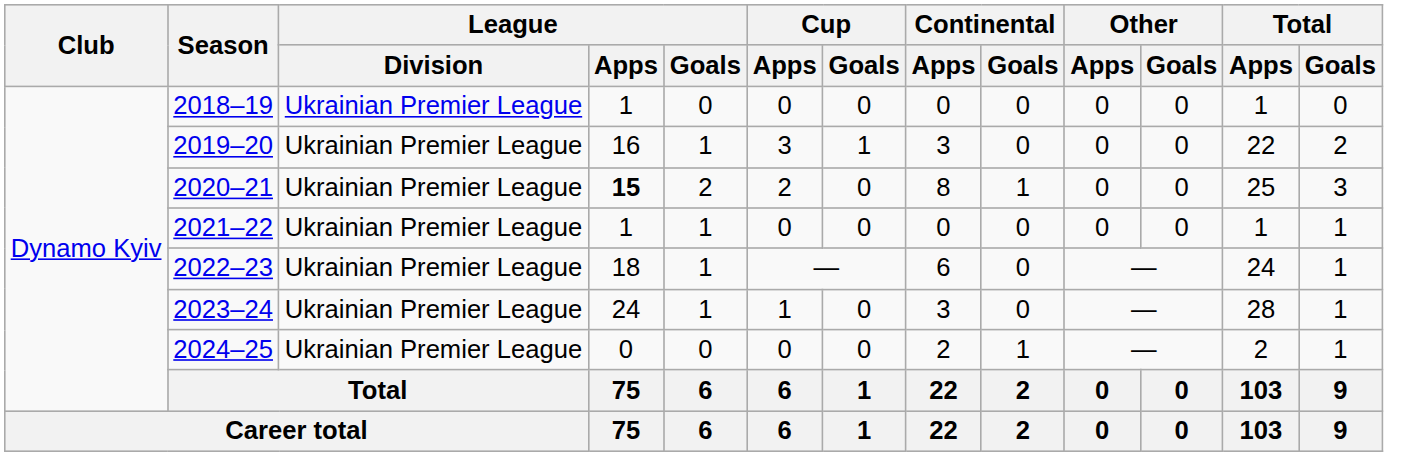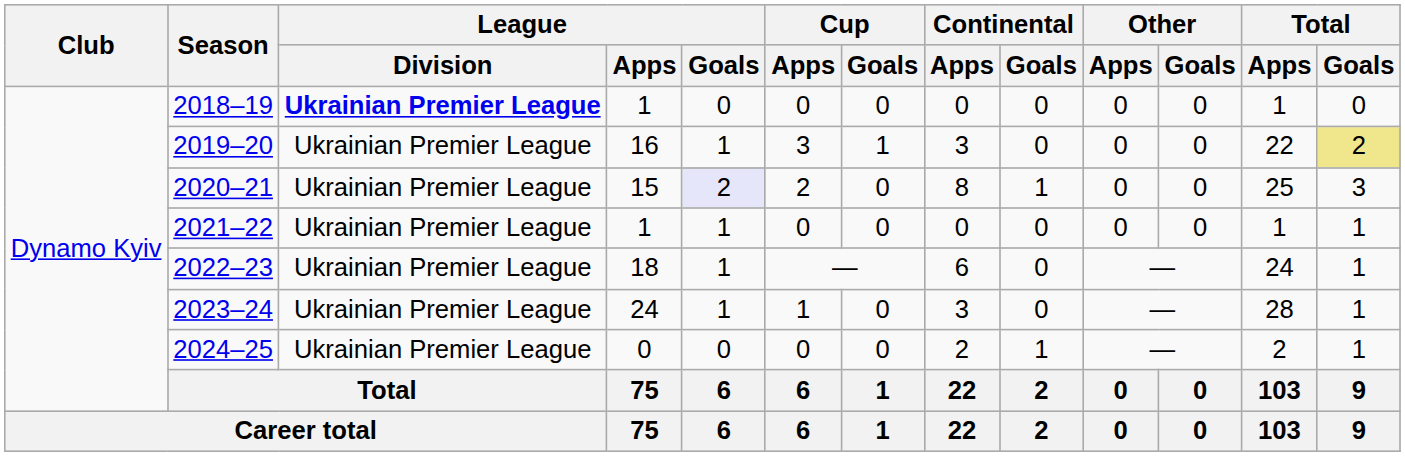 <table class="wikitable" style="text-align:center">
 <tr>
 <th rowspan="2">Club</th>
 <th rowspan="2">Season</th>
 <th colspan="3">League</th>
 <th colspan="2">Cup</th>
 <th colspan="2">Continental</th>
 <th colspan="2">Other</th>
 <th colspan="2">Total</th>
 </tr>
 <tr>
 <th>Division</th>
 <th>Apps</th>
 <th>Goals</th>
 <th>Apps</th>
 <th>Goals</th>
 <th>Apps</th>
 <th>Goals</th>
 <th>Apps</th>
 <th>Goals</th>
 <th>Apps</th>
 <th>Goals</th>
 </tr>
 <tr>
 <td rowspan="8"><a href='#'>Dynamo Kyiv</a></td>
 <td><a href='#'>2018–19</a></td>
-<td><a href='#'>Ukrainian Premier League</a></td>
+<td><strong><a href='#'>Ukrainian Premier League</a></strong></td>
 <td>1</td>
 <td>0</td>
 <td>0</td>
 <td>0</td>
 <td>0</td>
 <td>0</td>
 <td>0</td>
 <td>0</td>
 <td>1</td>
 <td>0</td>
 </tr>
 <tr>
 <td><a href='#'>2019–20</a></td>
 <td>Ukrainian Premier League</td>
 <td>16</td>
 <td>1</td>
 <td>3</td>
 <td>1</td>
 <td>3</td>
 <td>0</td>
 <td>0</td>
 <td>0</td>
 <td>22</td>
-<td>2</td>
+<td style="background: khaki;">2</td>
 </tr>
 <tr>
 <td><a href='#'>2020–21</a></td>
 <td>Ukrainian Premier League</td>
-<td><strong>15</strong></td>
-<td>2</td>
+<td>15</td>
+<td style="background: lavender;">2</td>
 <td>2</td>
 <td>0</td>
 <td>8</td>
 <td>1</td>
 <td>0</td>
 <td>0</td>
 <td>25</td>
 <td>3</td>
 </tr>
 <tr>
 <td><a href='#'>2021–22</a></td>
 <td>Ukrainian Premier League</td>
 <td>1</td>
 <td>1</td>
 <td>0</td>
 <td>0</td>
 <td>0</td>
 <td>0</td>
 <td>0</td>
 <td>0</td>
 <td>1</td>
 <td>1</td>
 </tr>
 <tr>
 <td><a href='#'>2022–23</a></td>
 <td>Ukrainian Premier League</td>
 <td>18</td>
 <td>1</td>
 <td colspan="2">—</td>
 <td>6</td>
 <td>0</td>
 <td colspan="2">—</td>
 <td>24</td>
 <td>1</td>
 </tr>
 <tr>
 <td><a href='#'>2023–24</a></td>
 <td>Ukrainian Premier League</td>
 <td>24</td>
 <td>1</td>
 <td>1</td>
 <td>0</td>
 <td>3</td>
 <td>0</td>
 <td colspan="2">—</td>
 <td>28</td>
 <td>1</td>
 </tr>
 <tr>
 <td><a href='#'>2024–25</a></td>
 <td>Ukrainian Premier League</td>
 <td>0</td>
 <td>0</td>
 <td>0</td>
 <td>0</td>
 <td>2</td>
 <td>1</td>
 <td colspan="2">—</td>
 <td>2</td>
 <td>1</td>
 </tr>
 <tr>
 <th colspan="2">Total</th>
 <th>75</th>
 <th>6</th>
 <th>6</th>
 <th>1</th>
 <th>22</th>
 <th>2</th>
 <th>0</th>
 <th>0</th>
 <th>103</th>
 <th>9</th>
 </tr>
 <tr>
 <th colspan="3">Career total</th>
 <th>75</th>
 <th>6</th>
 <th>6</th>
 <th>1</th>
 <th>22</th>
 <th>2</th>
 <th>0</th>
 <th>0</th>
 <th>103</th>
 <th>9</th>
 </tr>
 </table>
